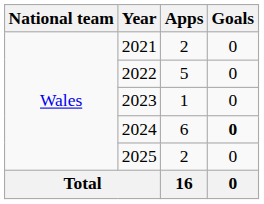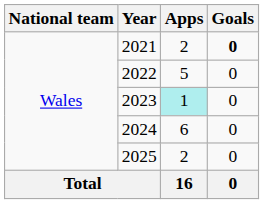 <table class="wikitable" style="text-align: center;">
 <tr>
 <th>National team</th>
 <th>Year</th>
 <th>Apps</th>
 <th>Goals</th>
 </tr>
 <tr>
 <td rowspan="5"><a href='#'>Wales</a></td>
 <td>2021</td>
 <td>2</td>
-<td>0</td>
+<td><strong>0</strong></td>
 </tr>
 <tr>
 <td>2022</td>
 <td>5</td>
 <td>0</td>
 </tr>
 <tr>
 <td>2023</td>
-<td>1</td>
+<td style="background: paleturquoise;">1</td>
 <td>0</td>
 </tr>
 <tr>
 <td>2024</td>
 <td>6</td>
-<td><strong>0</strong></td>
+<td>0</td>
 </tr>
 <tr>
 <td>2025</td>
 <td>2</td>
 <td>0</td>
 </tr>
 <tr>
 <th colspan="2">Total</th>
 <th>16</th>
 <th>0</th>
 </tr>
 </table>
